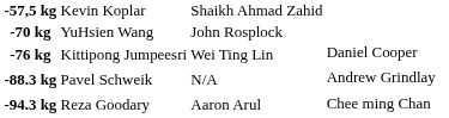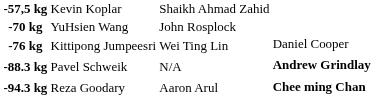 <table>
 <tr>
 <th scope=row rowspan=2>-57,5 kg</th>
 <td rowspan=2> Kevin Koplar</td>
 <td rowspan=2> Shaikh Ahmad Zahid</td>
 <td></td>
 </tr>
 <tr>
 <td></td>
 </tr>
 <tr>
 <th scope=row rowspan=2>-70 kg</th>
 <td rowspan=2> YuHsien Wang</td>
 <td rowspan=2> John Rosplock</td>
 <td></td>
 </tr>
 <tr>
 <td></td>
 </tr>
 <tr>
 <th scope=row rowspan=2>-76 kg</th>
 <td rowspan=2> Kittipong Jumpeesri</td>
 <td rowspan=2> Wei Ting Lin</td>
 <td> Daniel Cooper</td>
 </tr>
 <tr>
 <td></td>
 </tr>
 <tr>
 <th scope=row rowspan=2>-88.3 kg</th>
 <td rowspan=2> Pavel Schweik</td>
 <td rowspan=2> N/A</td>
-<td> Andrew Grindlay</td>
+<td><strong> Andrew Grindlay</strong></td>
 </tr>
 <tr>
 <td></td>
 </tr>
 <tr>
 <th scope=row rowspan=2>-94.3 kg</th>
 <td rowspan=2> Reza Goodary</td>
 <td rowspan=2> Aaron Arul</td>
-<td> Chee ming Chan</td>
+<td><strong> Chee ming Chan</strong></td>
 </tr>
 <tr>
 <td></td>
 </tr>
 </table>
